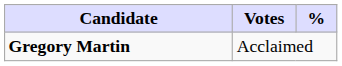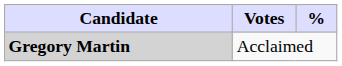 <table class="wikitable">
 <tr>
 <th style="background:#ddf; width:200px;">Candidate</th>
 <th style="background:#ddf; width:50px;">Votes</th>
 <th style="background:#ddf; width:30px;">%</th>
 </tr>
 <tr>
-<td><strong>Gregory Martin</strong></td>
+<td style="background: lightgrey;"><strong>Gregory Martin</strong></td>
 <td colspan="2">Acclaimed</td>
 </tr>
 </table>
